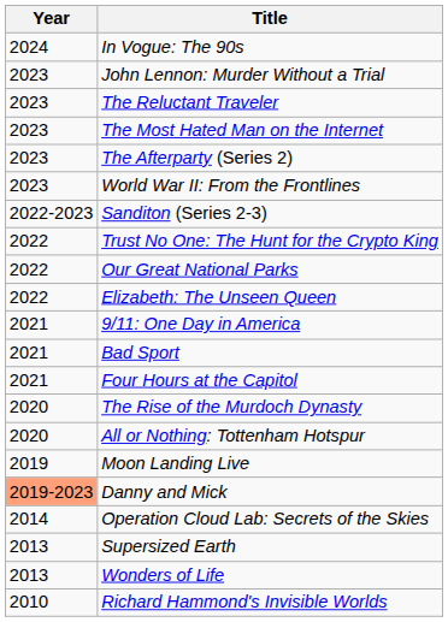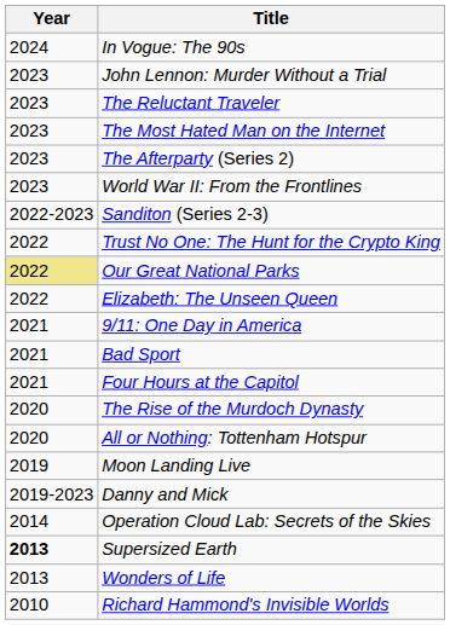 <table class="wikitable">
 <tr>
 <th>Year</th>
 <th>Title</th>
 </tr>
 <tr>
 <td>2024</td>
 <td><em>In Vogue: The 90s</em></td>
 </tr>
 <tr>
 <td>2023</td>
 <td><em>John Lennon: Murder Without a Trial</em></td>
 </tr>
 <tr>
 <td>2023</td>
 <td><em><a href='#'>The Reluctant Traveler</a></em></td>
 </tr>
 <tr>
 <td>2023</td>
 <td><em><a href='#'>The Most Hated Man on the Internet</a></em></td>
 </tr>
 <tr>
 <td>2023</td>
 <td><em><a href='#'>The Afterparty</a></em> (Series 2)</td>
 </tr>
 <tr>
 <td>2023</td>
 <td><em>World War II: From the Frontlines</em></td>
 </tr>
 <tr>
 <td>2022-2023</td>
 <td><em><a href='#'>Sanditon</a></em> (Series 2-3)</td>
 </tr>
 <tr>
 <td>2022</td>
 <td><em><a href='#'>Trust No One: The Hunt for the Crypto King</a></em></td>
 </tr>
 <tr>
-<td>2022</td>
+<td style="background: khaki;">2022</td>
 <td><em><a href='#'>Our Great National Parks</a></em></td>
 </tr>
 <tr>
 <td>2022</td>
 <td><em><a href='#'>Elizabeth: The Unseen Queen</a></em></td>
 </tr>
 <tr>
 <td>2021</td>
 <td><em><a href='#'>9/11: One Day in America</a></em></td>
 </tr>
 <tr>
 <td>2021</td>
 <td><em><a href='#'>Bad Sport</a></em></td>
 </tr>
 <tr>
 <td>2021</td>
 <td><em><a href='#'>Four Hours at the Capitol</a></em></td>
 </tr>
 <tr>
 <td>2020</td>
 <td><em><a href='#'>The Rise of the Murdoch Dynasty</a></em></td>
 </tr>
 <tr>
 <td>2020</td>
 <td><em><a href='#'>All or Nothing</a>: Tottenham Hotspur</em></td>
 </tr>
 <tr>
 <td>2019</td>
 <td><em>Moon Landing Live</em></td>
 </tr>
 <tr>
-<td style="background: lightsalmon;">2019-2023</td>
+<td>2019-2023</td>
 <td><em>Danny and Mick</em></td>
 </tr>
 <tr>
 <td>2014</td>
 <td><em>Operation Cloud Lab: Secrets of the Skies</em></td>
 </tr>
 <tr>
-<td>2013</td>
+<td><strong>2013</strong></td>
 <td><em>Supersized Earth</em></td>
 </tr>
 <tr>
 <td>2013</td>
 <td><em><a href='#'>Wonders of Life</a></em></td>
 </tr>
 <tr>
 <td>2010</td>
 <td><em><a href='#'>Richard Hammond's Invisible Worlds</a></em></td>
 </tr>
 </table>
